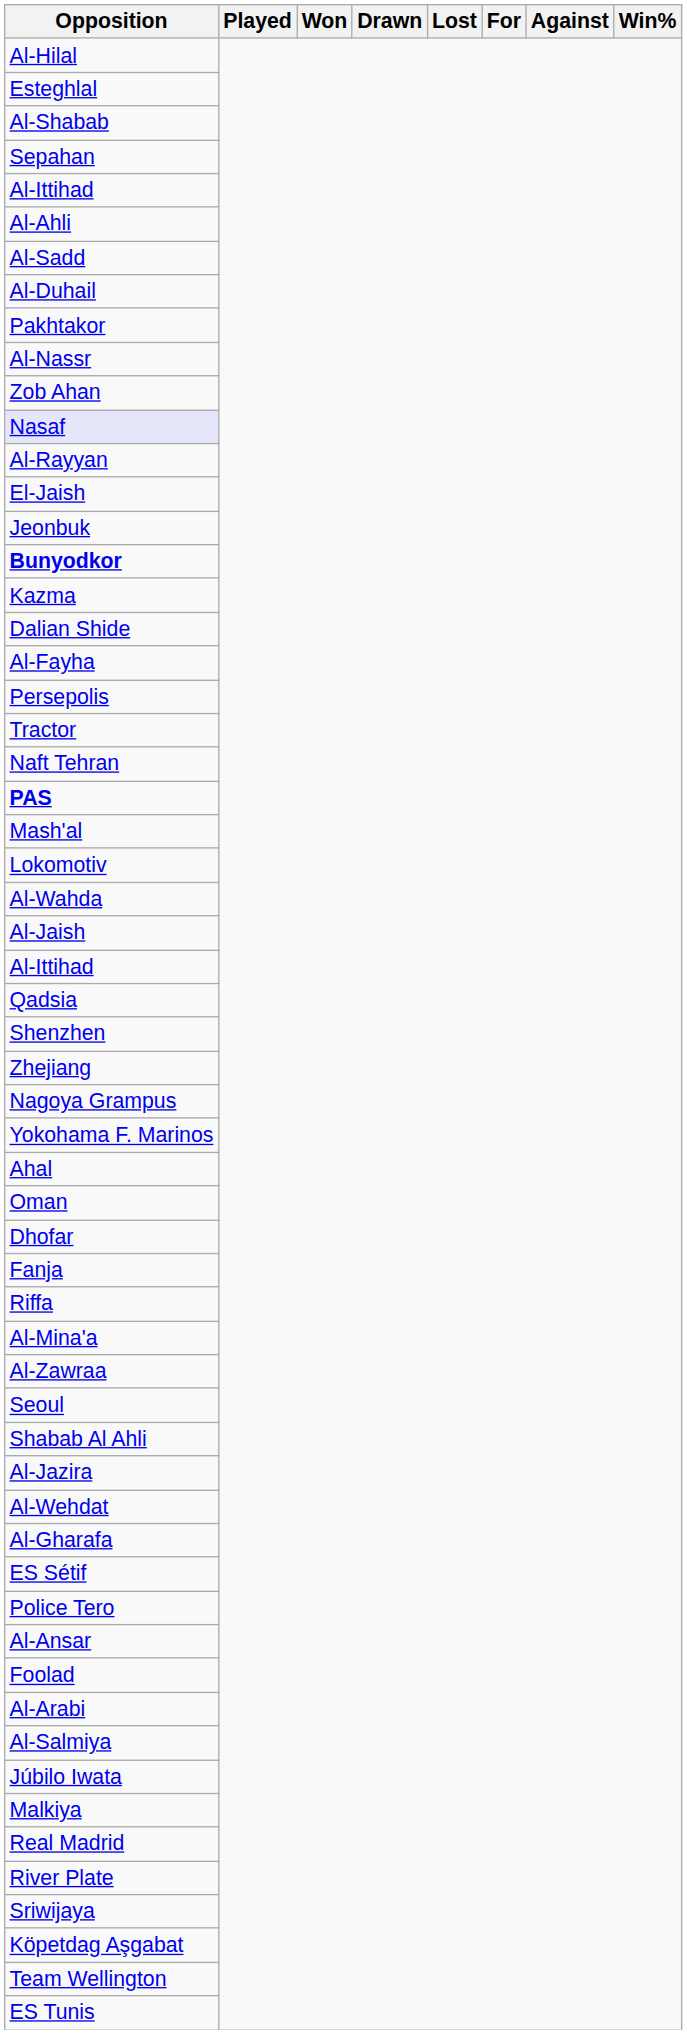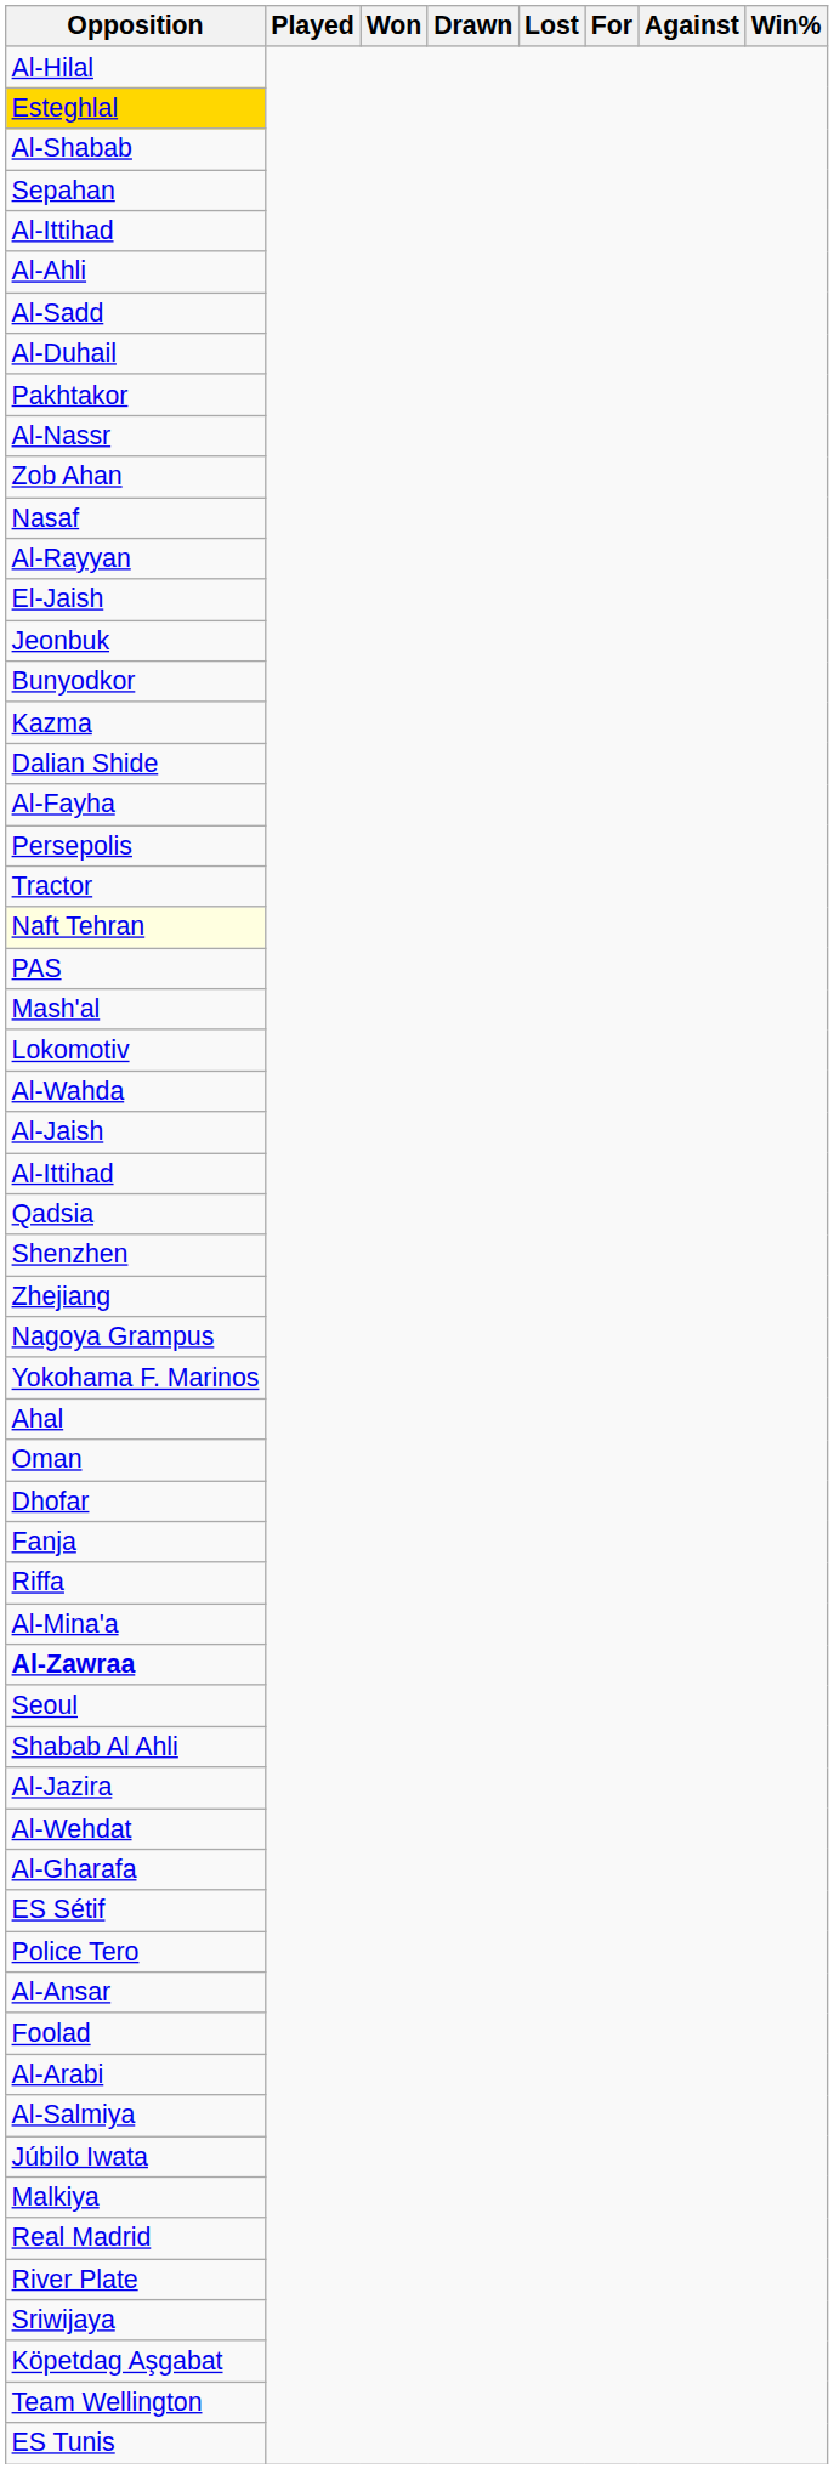 <table class="wikitable sortable" style="text-align:center;">
 <tr>
 <th>Opposition</th>
 <th>Played</th>
 <th>Won</th>
 <th>Drawn</th>
 <th>Lost</th>
 <th>For</th>
 <th>Against</th>
 <th>Win%</th>
 </tr>
 <tr>
 <td align="left"> <a href='#'>Al-Hilal</a><br></td>
 </tr>
 <tr>
-<td align="left"> <a href='#'>Esteghlal</a><br></td>
+<td align="left" style="background: gold;"> <a href='#'>Esteghlal</a><br></td>
 </tr>
 <tr>
 <td align="left"> <a href='#'>Al-Shabab</a><br></td>
 </tr>
 <tr>
 <td align="left"> <a href='#'>Sepahan</a><br></td>
 </tr>
 <tr>
 <td align="left"> <a href='#'>Al-Ittihad</a><br></td>
 </tr>
 <tr>
 <td align="left"> <a href='#'>Al-Ahli</a><br></td>
 </tr>
 <tr>
 <td align="left"> <a href='#'>Al-Sadd</a><br></td>
 </tr>
 <tr>
 <td align="left"> <a href='#'>Al-Duhail</a><br></td>
 </tr>
 <tr>
 <td align="left"> <a href='#'>Pakhtakor</a><br></td>
 </tr>
 <tr>
 <td align="left"> <a href='#'>Al-Nassr</a><br></td>
 </tr>
 <tr>
 <td align="left"> <a href='#'>Zob Ahan</a><br></td>
 </tr>
 <tr>
-<td align="left" style="background: lavender;"> <a href='#'>Nasaf</a><br></td>
+<td align="left"> <a href='#'>Nasaf</a><br></td>
 </tr>
 <tr>
 <td align="left"> <a href='#'>Al-Rayyan</a><br></td>
 </tr>
 <tr>
 <td align="left"> <a href='#'>El-Jaish</a><br></td>
 </tr>
 <tr>
 <td align="left"> <a href='#'>Jeonbuk</a><br></td>
 </tr>
 <tr>
-<td align="left"><strong> <a href='#'>Bunyodkor</a><br></strong></td>
+<td align="left"> <a href='#'>Bunyodkor</a><br></td>
 </tr>
 <tr>
 <td align="left"> <a href='#'>Kazma</a><br></td>
 </tr>
 <tr>
 <td align="left"> <a href='#'>Dalian Shide</a><br></td>
 </tr>
 <tr>
 <td align="left"> <a href='#'>Al-Fayha</a><br></td>
 </tr>
 <tr>
 <td align="left"> <a href='#'>Persepolis</a><br></td>
 </tr>
 <tr>
 <td align="left"> <a href='#'>Tractor</a><br></td>
 </tr>
 <tr>
-<td align="left"> <a href='#'>Naft Tehran</a><br></td>
+<td align="left" style="background: lightyellow;"> <a href='#'>Naft Tehran</a><br></td>
 </tr>
 <tr>
-<td align="left"><strong> <a href='#'>PAS</a><br></strong></td>
+<td align="left"> <a href='#'>PAS</a><br></td>
 </tr>
 <tr>
 <td align="left"> <a href='#'>Mash'al</a><br></td>
 </tr>
 <tr>
 <td align="left"> <a href='#'>Lokomotiv</a><br></td>
 </tr>
 <tr>
 <td align="left"> <a href='#'>Al-Wahda</a><br></td>
 </tr>
 <tr>
 <td align="left"> <a href='#'>Al-Jaish</a><br></td>
 </tr>
 <tr>
 <td align="left"> <a href='#'>Al-Ittihad</a><br></td>
 </tr>
 <tr>
 <td align="left"> <a href='#'>Qadsia</a><br></td>
 </tr>
 <tr>
 <td align="left"> <a href='#'>Shenzhen</a><br></td>
 </tr>
 <tr>
 <td align="left"> <a href='#'>Zhejiang</a><br></td>
 </tr>
 <tr>
 <td align="left"> <a href='#'>Nagoya Grampus</a><br></td>
 </tr>
 <tr>
 <td align="left"> <a href='#'>Yokohama F. Marinos</a><br></td>
 </tr>
 <tr>
 <td align="left"> <a href='#'>Ahal</a><br></td>
 </tr>
 <tr>
 <td align="left"> <a href='#'>Oman</a><br></td>
 </tr>
 <tr>
 <td align="left"> <a href='#'>Dhofar</a><br></td>
 </tr>
 <tr>
 <td align="left"> <a href='#'>Fanja</a><br></td>
 </tr>
 <tr>
 <td align="left"> <a href='#'>Riffa</a><br></td>
 </tr>
 <tr>
 <td align="left"> <a href='#'>Al-Mina'a</a><br></td>
 </tr>
 <tr>
-<td align="left"> <a href='#'>Al-Zawraa</a><br></td>
+<td align="left"><strong> <a href='#'>Al-Zawraa</a><br></strong></td>
 </tr>
 <tr>
 <td align="left"> <a href='#'>Seoul</a><br></td>
 </tr>
 <tr>
 <td align="left"> <a href='#'>Shabab Al Ahli</a><br></td>
 </tr>
 <tr>
 <td align="left"> <a href='#'>Al-Jazira</a><br></td>
 </tr>
 <tr>
 <td align="left"> <a href='#'>Al-Wehdat</a><br></td>
 </tr>
 <tr>
 <td align="left"> <a href='#'>Al-Gharafa</a><br></td>
 </tr>
 <tr>
 <td align="left"> <a href='#'>ES Sétif</a><br></td>
 </tr>
 <tr>
 <td align="left"> <a href='#'>Police Tero</a><br></td>
 </tr>
 <tr>
 <td align="left"> <a href='#'>Al-Ansar</a><br></td>
 </tr>
 <tr>
 <td align="left"> <a href='#'>Foolad</a><br></td>
 </tr>
 <tr>
 <td align="left"> <a href='#'>Al-Arabi</a><br></td>
 </tr>
 <tr>
 <td align="left"> <a href='#'>Al-Salmiya</a><br></td>
 </tr>
 <tr>
 <td align="left"> <a href='#'>Júbilo Iwata</a><br></td>
 </tr>
 <tr>
 <td align="left"> <a href='#'>Malkiya</a><br></td>
 </tr>
 <tr>
 <td align="left"> <a href='#'>Real Madrid</a><br></td>
 </tr>
 <tr>
 <td align="left"> <a href='#'>River Plate</a><br></td>
 </tr>
 <tr>
 <td align="left"> <a href='#'>Sriwijaya</a><br></td>
 </tr>
 <tr>
 <td align="left"> <a href='#'>Köpetdag Aşgabat</a><br></td>
 </tr>
 <tr>
 <td align="left"> <a href='#'>Team Wellington</a><br></td>
 </tr>
 <tr>
 <td align="left"> <a href='#'>ES Tunis</a><br></td>
 </tr>
 </table>
